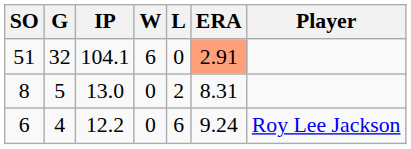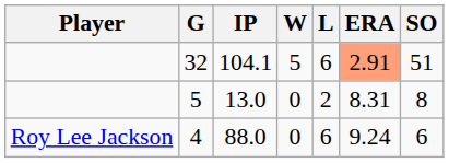 <table class="wikitable sortable">
 <tr>
-<th>SO</th>
+<th>Player</th>
 <th>G</th>
 <th>IP</th>
 <th>W</th>
 <th>L</th>
 <th>ERA</th>
-<th>Player</th>
+<th>SO</th>
 </tr>
 <tr style="text-align:center;">
-<td>51</td>
+<td></td>
 <td>32</td>
 <td>104.1</td>
+<td>5</td>
 <td>6</td>
-<td>0</td>
 <td style="background: lightsalmon;">2.91</td>
-<td></td>
+<td>51</td>
 </tr>
 <tr style="text-align:center;">
-<td>8</td>
+<td></td>
 <td>5</td>
 <td>13.0</td>
 <td>0</td>
 <td>2</td>
 <td>8.31</td>
-<td></td>
+<td>8</td>
 </tr>
 <tr align=center>
-<td>6</td>
+<td><a href='#'>Roy Lee Jackson</a></td>
 <td>4</td>
-<td>12.2</td>
+<td>88.0</td>
 <td>0</td>
 <td>6</td>
 <td>9.24</td>
-<td><a href='#'>Roy Lee Jackson</a></td>
+<td>6</td>
 </tr>
 </table>
